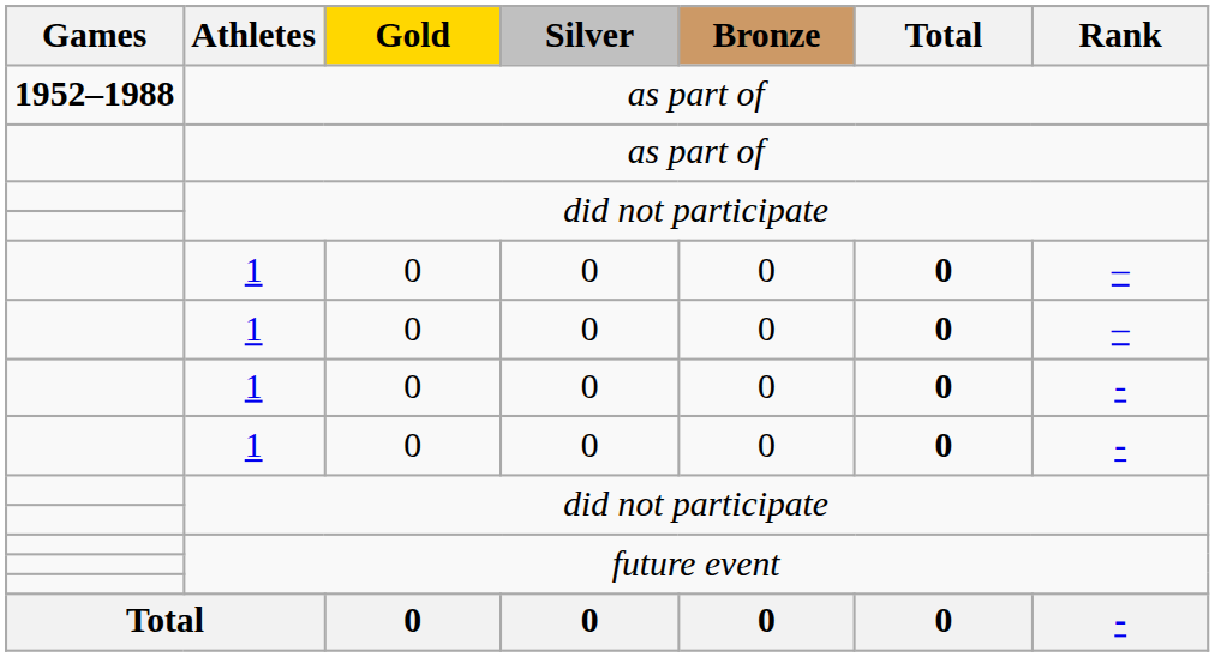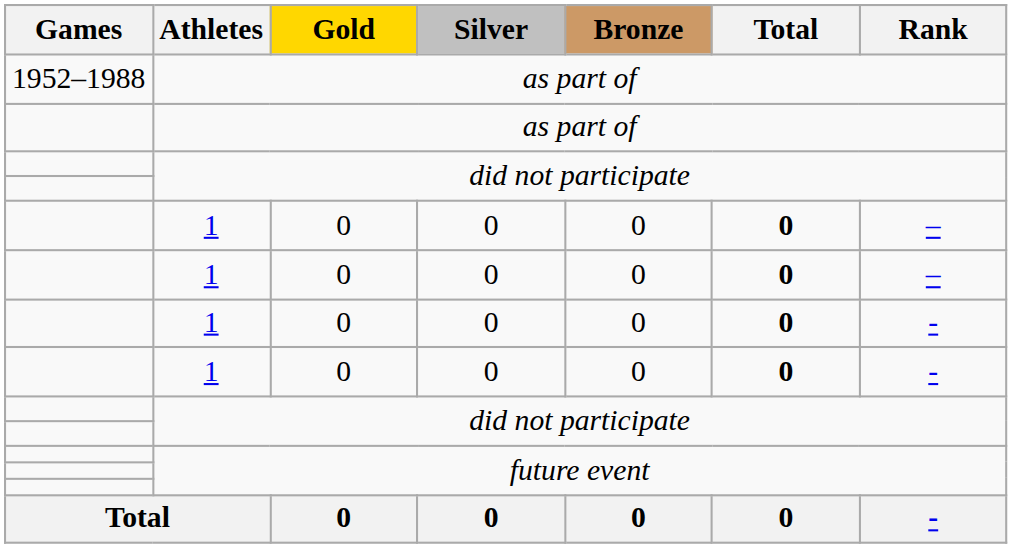 <table class="wikitable" style="text-align:center; font-size:90%;">
 <tr>
 <th>Games</th>
 <th>Athletes</th>
 <td style="background:gold; width:4.5em; font-weight:bold;">Gold</td>
 <td style="background:silver; width:4.5em; font-weight:bold;">Silver</td>
 <td style="background:#cc9966; width:4.5em; font-weight:bold;">Bronze</td>
 <th style="width:4.5em; font-weight:bold;">Total</th>
 <th style="width:4.5em; font-weight:bold;">Rank</th>
 </tr>
 <tr>
-<td align=left><strong>1952–1988</strong></td>
+<td align=left>1952–1988</td>
 <td colspan=6><em>as part of </em></td>
 </tr>
 <tr>
 <td align=left></td>
 <td colspan=6><em>as part of </em></td>
 </tr>
 <tr>
 <td align=left></td>
 <td colspan=6; rowspan=2><em>did not participate</em></td>
 </tr>
 <tr>
 <td align=left></td>
 </tr>
 <tr>
 <td align=left></td>
 <td><a href='#'>1</a></td>
 <td>0</td>
 <td>0</td>
 <td>0</td>
 <td><strong>0</strong></td>
 <td><a href='#'>–</a></td>
 </tr>
 <tr>
 <td align=left></td>
 <td><a href='#'>1</a></td>
 <td>0</td>
 <td>0</td>
 <td>0</td>
 <td><strong>0</strong></td>
 <td><a href='#'>–</a></td>
 </tr>
 <tr>
 <td align=left></td>
 <td><a href='#'>1</a></td>
 <td>0</td>
 <td>0</td>
 <td>0</td>
 <td><strong>0</strong></td>
 <td><a href='#'>-</a></td>
 </tr>
 <tr>
 <td align=left></td>
 <td><a href='#'>1</a></td>
 <td>0</td>
 <td>0</td>
 <td>0</td>
 <td><strong>0</strong></td>
 <td><a href='#'>-</a></td>
 </tr>
 <tr>
 <td align=left></td>
 <td colspan=6; rowspan=2><em>did not participate</em></td>
 </tr>
 <tr>
 <td align=left></td>
 </tr>
 <tr>
 <td align=left></td>
 <td rowspan=3 colspan=6><em>future event</em></td>
 </tr>
 <tr>
 <td align=left></td>
 </tr>
 <tr>
 <td align=left></td>
 </tr>
 <tr>
 <th colspan=2>Total</th>
 <th>0</th>
 <th>0</th>
 <th>0</th>
 <th>0</th>
 <th><a href='#'>-</a></th>
 </tr>
 </table>
